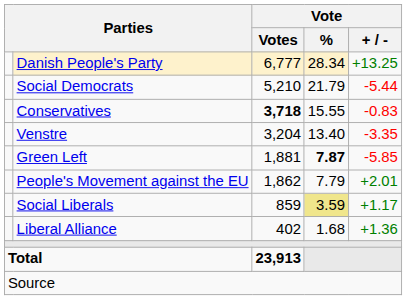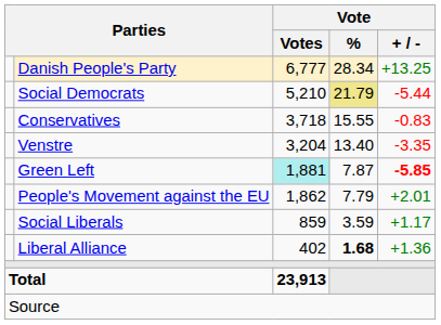 <table class="wikitable" style="text-align:right;">
 <tr>
 <th style="text-align:centre;" rowspan="2" colspan="2" width="225">Parties</th>
 <th colspan="3">Vote</th>
 </tr>
 <tr>
 <th width="15">Votes</th>
 <th width="15">%</th>
 <th width="15">+ / -</th>
 </tr>
 <tr>
 <td width="2" style="color:inherit;background:"></td>
 <td bgcolor=#fef2cc   align="left"><a href='#'>Danish People's Party</a></td>
 <td bgcolor=#fef2cc>6,777</td>
 <td bgcolor=#fef2cc>28.34</td>
 <td style=color:green;>+13.25</td>
 </tr>
 <tr>
 <td width="2" style="color:inherit;background:"></td>
 <td align="left"><a href='#'>Social Democrats</a></td>
 <td>5,210</td>
-<td>21.79</td>
+<td style="background: khaki;">21.79</td>
 <td style=color:red;>-5.44</td>
 </tr>
 <tr>
 <td width="2" style="color:inherit;background:"></td>
 <td align="left"><a href='#'>Conservatives</a></td>
-<td><strong>3,718</strong></td>
+<td>3,718</td>
 <td>15.55</td>
 <td style=color:red;>-0.83</td>
 </tr>
 <tr>
 <td width="2" style="color:inherit;background:"></td>
 <td align="left"><a href='#'>Venstre</a></td>
 <td>3,204</td>
 <td>13.40</td>
 <td style=color:red;>-3.35</td>
 </tr>
 <tr>
 <td width="2" style="color:inherit;background:"></td>
 <td align="left"><a href='#'>Green Left</a></td>
-<td>1,881</td>
-<td><strong>7.87</strong></td>
-<td style=color:red;>-5.85</td>
+<td style="background: paleturquoise;">1,881</td>
+<td>7.87</td>
+<td style=color:red;><strong>-5.85</strong></td>
 </tr>
 <tr>
 <td width="2" style="color:inherit;background:"></td>
 <td align="left"><a href='#'>People's Movement against the EU</a></td>
 <td>1,862</td>
 <td>7.79</td>
 <td style=color:green;>+2.01</td>
 </tr>
 <tr>
 <td width="2" style="color:inherit;background:"></td>
 <td align="left"><a href='#'>Social Liberals</a></td>
 <td>859</td>
-<td style="background: khaki;">3.59</td>
+<td>3.59</td>
 <td style=color:green;>+1.17</td>
 </tr>
 <tr>
 <td width="2" style="color:inherit;background:"></td>
 <td align="left"><a href='#'>Liberal Alliance</a></td>
 <td>402</td>
-<td>1.68</td>
+<td><strong>1.68</strong></td>
 <td style=color:green;>+1.36</td>
 </tr>
 <tr>
 <td colspan="7" bgcolor="#E9E9E9"></td>
 </tr>
 <tr>
 <td align="left" colspan="2"><strong>Total</strong></td>
 <td><strong>23,913</strong></td>
 <td bgcolor="#E9E9E9" colspan="2"></td>
 </tr>
 <tr>
 <td align="left" colspan="6">Source</td>
 </tr>
 </table>
